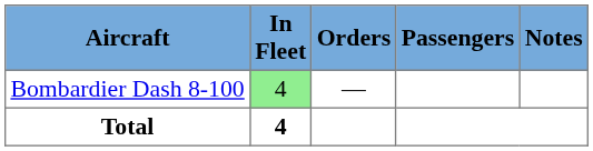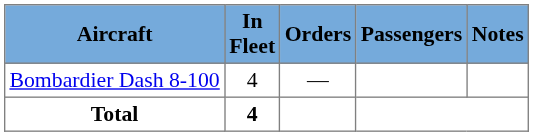 <table class="toccolours" border="1" cellpadding="3" style="border-collapse:collapse">
 <tr bgcolor=#75aadb>
 <th>Aircraft</th>
 <th>In<br>Fleet</th>
 <th>Orders</th>
 <th>Passengers</th>
 <th>Notes</th>
 </tr>
 <tr>
 <td><a href='#'>Bombardier Dash 8-100</a></td>
-<td align="center" style="background: lightgreen;">4</td>
+<td align="center">4</td>
 <td align="center">—</td>
 <td align="center"></td>
 <td></td>
 </tr>
 <tr>
 <th>Total</th>
 <th>4</th>
 <th></th>
 <th colspan="2"></th>
 </tr>
 </table>
